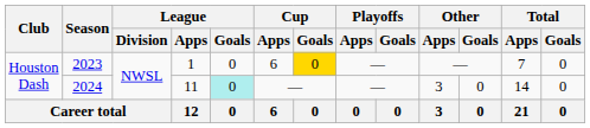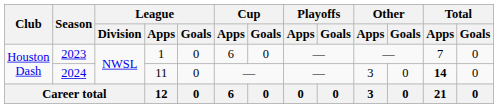 <table class="wikitable" style="text-align: center;">
 <tr>
 <th rowspan="2">Club</th>
 <th rowspan="2">Season</th>
 <th colspan="3">League</th>
 <th colspan="2">Cup</th>
 <th colspan="2">Playoffs</th>
 <th colspan="2">Other</th>
 <th colspan="2">Total</th>
 </tr>
 <tr>
 <th>Division</th>
 <th>Apps</th>
 <th>Goals</th>
 <th>Apps</th>
 <th>Goals</th>
 <th>Apps</th>
 <th>Goals</th>
 <th>Apps</th>
 <th>Goals</th>
 <th>Apps</th>
 <th>Goals</th>
 </tr>
 <tr>
 <td rowspan="2"><a href='#'>Houston Dash</a></td>
 <td><a href='#'>2023</a></td>
 <td rowspan="2"><a href='#'>NWSL</a></td>
 <td>1</td>
 <td>0</td>
 <td>6</td>
-<td style="background: gold;">0</td>
+<td>0</td>
 <td colspan="2">—</td>
 <td colspan="2">—</td>
 <td>7</td>
 <td>0</td>
 </tr>
 <tr>
 <td><a href='#'>2024</a></td>
 <td>11</td>
-<td style="background: paleturquoise;">0</td>
+<td>0</td>
 <td colspan="2">—</td>
 <td colspan="2">—</td>
 <td>3</td>
 <td>0</td>
-<td>14</td>
+<td><strong>14</strong></td>
 <td>0</td>
 </tr>
 <tr>
 <th colspan="3">Career total</th>
 <th>12</th>
 <th>0</th>
 <th>6</th>
 <th>0</th>
 <th>0</th>
 <th>0</th>
 <th>3</th>
 <th>0</th>
 <th>21</th>
 <th>0</th>
 </tr>
 </table>
